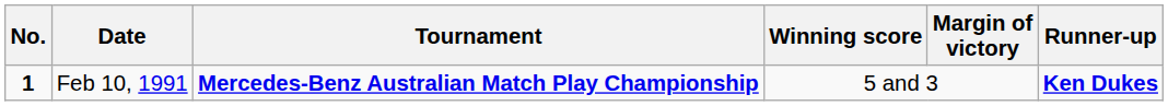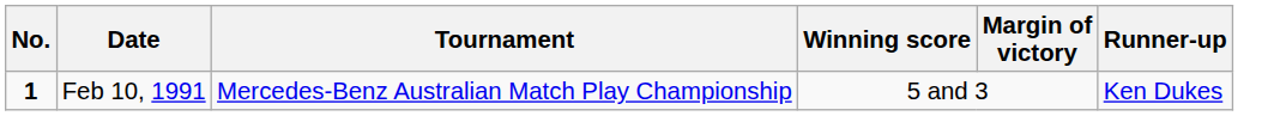 <table class="wikitable" style="font-size:95%;">
 <tr>
 <th>No.</th>
 <th>Date</th>
 <th>Tournament</th>
 <th>Winning score</th>
 <th>Margin of<br>victory</th>
 <th>Runner-up</th>
 </tr>
 <tr>
 <td align=center><strong>1</strong></td>
 <td align=right>Feb 10, <a href='#'>1991</a></td>
-<td><strong><a href='#'>Mercedes-Benz Australian Match Play Championship</a></strong></td>
+<td><a href='#'>Mercedes-Benz Australian Match Play Championship</a></td>
 <td colspan=2 align=center>5 and 3</td>
-<td><strong> <a href='#'>Ken Dukes</a></strong></td>
+<td> <a href='#'>Ken Dukes</a></td>
 </tr>
 </table>
